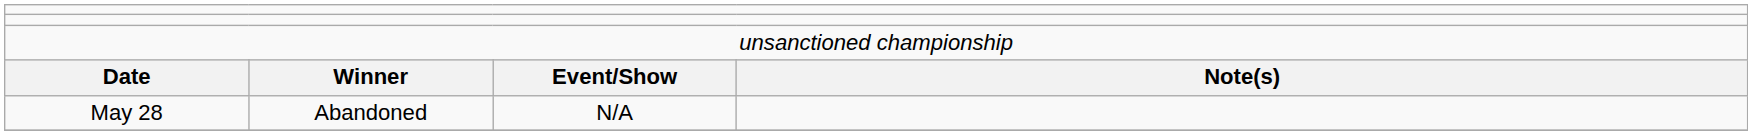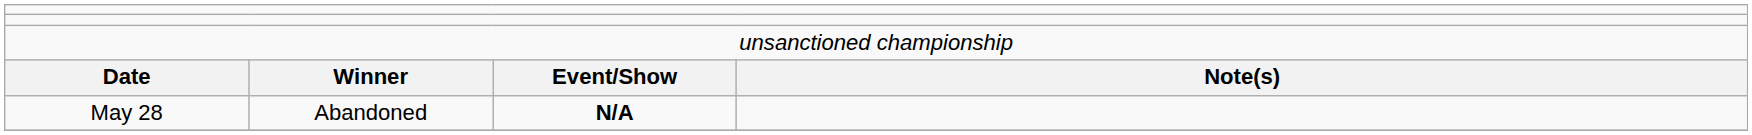 <table class="wikitable" style="text-align:center; width:100%;">
 <tr>
 <td colspan="5"></td>
 </tr>
 <tr>
 <td colspan="5"><strong></strong></td>
 </tr>
 <tr>
 <td colspan="5"><em>unsanctioned championship</em></td>
 </tr>
 <tr>
 <th width=14%>Date</th>
 <th width=14%>Winner</th>
 <th width=14%>Event/Show</th>
 <th width=58%>Note(s)</th>
 </tr>
 <tr>
 <td>May 28</td>
 <td>Abandoned</td>
-<td>N/A</td>
+<td><strong>N/A</strong></td>
 <td align=left></td>
 </tr>
 <tr>
 </tr>
 </table>
